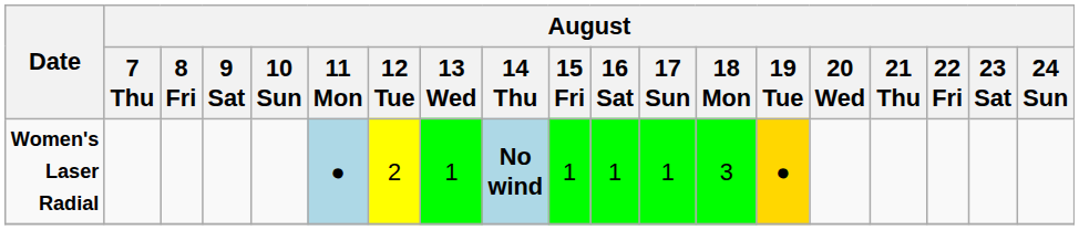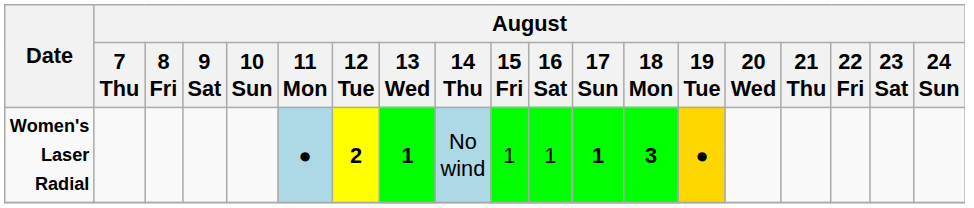 <table class="wikitable" style="margin:0.5em auto; font-size:90%; line-height:1.25em;">
 <tr>
 <th rowspan=2>Date</th>
 <th colspan=18>August</th>
 </tr>
 <tr>
 <th>7<br>Thu</th>
 <th>8<br>Fri</th>
 <th>9<br>Sat</th>
 <th>10<br>Sun</th>
 <th>11<br>Mon</th>
 <th>12<br>Tue</th>
 <th>13<br>Wed</th>
 <th>14<br>Thu</th>
 <th>15<br>Fri</th>
 <th>16<br>Sat</th>
 <th>17<br>Sun</th>
 <th>18<br>Mon</th>
 <th>19<br>Tue</th>
 <th>20<br>Wed</th>
 <th>21<br>Thu</th>
 <th>22<br>Fri</th>
 <th>23<br>Sat</th>
 <th>24<br>Sun</th>
 </tr>
 <tr align="center">
 <td align="right"><small><strong>Women's Laser Radial</strong></small></td>
 <td></td>
 <td></td>
 <td></td>
 <td></td>
 <td bgcolor=LightBlue><span> ● </span></td>
-<td bgcolor=Yellow><span> 2 </span></td>
-<td bgcolor=Lime><span> 1 </span></td>
-<td bgcolor=LightBlue><strong><span> No<br>wind </span></strong></td>
+<td bgcolor=Yellow><strong><span> 2 </span></strong></td>
+<td bgcolor=Lime><strong><span> 1 </span></strong></td>
+<td bgcolor=LightBlue><span> No<br>wind </span></td>
 <td bgcolor=Lime><span> 1 </span></td>
 <td bgcolor=Lime><span> 1 </span></td>
-<td bgcolor=Lime><span> 1 </span></td>
-<td bgcolor=Lime><span> 3 </span></td>
+<td bgcolor=Lime><strong><span> 1 </span></strong></td>
+<td bgcolor=Lime><strong><span> 3 </span></strong></td>
 <td bgcolor=Gold><span> ● </span></td>
 <td></td>
 <td></td>
 <td></td>
 <td></td>
 <td></td>
 </tr>
 <tr>
 </tr>
 </table>
